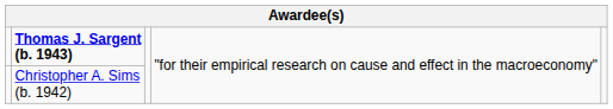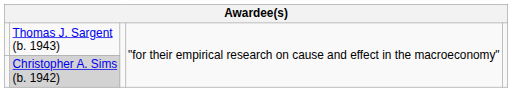 <table class="wikitable">
 <tr>
 <th colspan="5">Awardee(s)</th>
 </tr>
 <tr>
 <td></td>
-<td><strong><a href='#'>Thomas J. Sargent</a><br>(b. 1943)</strong></td>
+<td><a href='#'>Thomas J. Sargent</a><br>(b. 1943)</td>
 <td rowspan="2"></td>
 <td rowspan="2">"for their empirical research on cause and effect in the macroeconomy"</td>
 <td rowspan="2"></td>
 </tr>
 <tr>
 <td></td>
-<td><a href='#'>Christopher A. Sims</a><br>(b. 1942)</td>
+<td style="background: lightgrey;"><a href='#'>Christopher A. Sims</a><br>(b. 1942)</td>
 </tr>
 </table>
